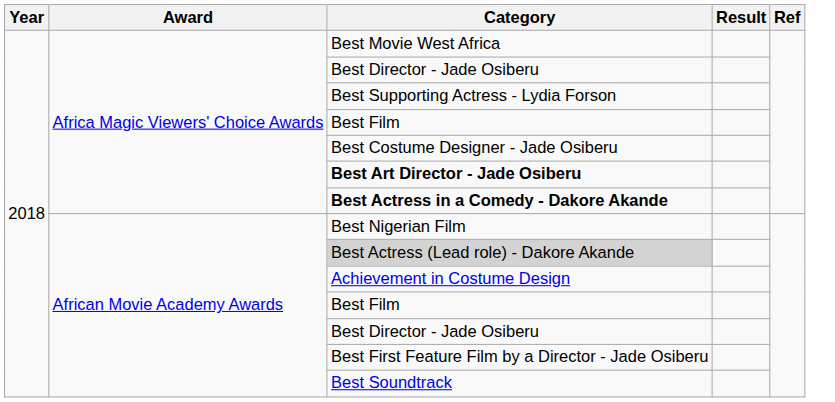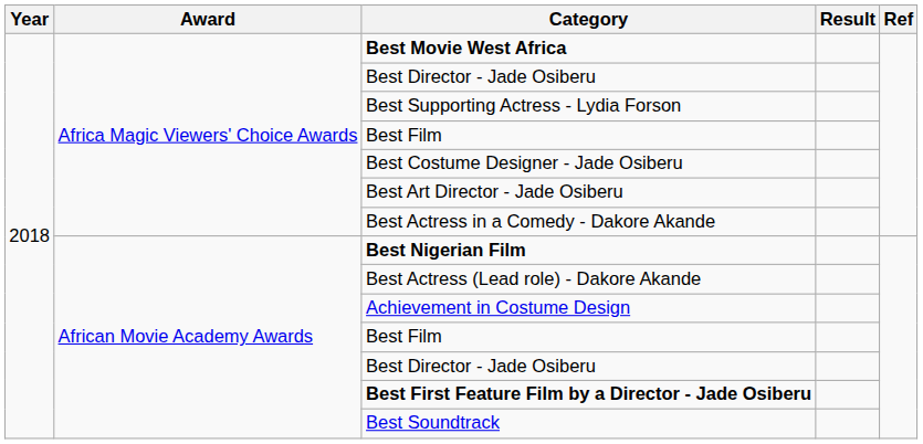 <table class="wikitable">
 <tr>
 <th>Year</th>
 <th>Award</th>
 <th>Category</th>
 <th>Result</th>
 <th>Ref</th>
 </tr>
 <tr>
 <td rowspan="14">2018</td>
 <td rowspan="7"><a href='#'>Africa Magic Viewers' Choice Awards</a></td>
-<td>Best Movie West Africa</td>
+<td><strong>Best Movie West Africa</strong></td>
 <td></td>
 <td rowspan="7"></td>
 </tr>
 <tr>
 <td>Best Director - Jade Osiberu</td>
 <td></td>
 </tr>
 <tr>
 <td>Best Supporting Actress - Lydia Forson</td>
 <td></td>
 </tr>
 <tr>
 <td>Best Film</td>
 <td></td>
 </tr>
 <tr>
 <td>Best Costume Designer - Jade Osiberu</td>
 <td></td>
 </tr>
 <tr>
-<td><strong>Best Art Director - Jade Osiberu</strong></td>
+<td>Best Art Director - Jade Osiberu</td>
 <td></td>
 </tr>
 <tr>
-<td><strong>Best Actress in a Comedy - Dakore Akande</strong></td>
+<td>Best Actress in a Comedy - Dakore Akande</td>
 <td></td>
 </tr>
 <tr>
 <td rowspan="7"><a href='#'>African Movie Academy Awards</a></td>
-<td>Best Nigerian Film</td>
+<td><strong>Best Nigerian Film</strong></td>
 <td></td>
 <td rowspan="7"></td>
 </tr>
 <tr>
-<td style="background: lightgrey;">Best Actress (Lead role) - Dakore Akande</td>
+<td>Best Actress (Lead role) - Dakore Akande</td>
 <td></td>
 </tr>
 <tr>
 <td><a href='#'>Achievement in Costume Design</a></td>
 <td></td>
 </tr>
 <tr>
 <td>Best Film</td>
 <td></td>
 </tr>
 <tr>
 <td>Best Director - Jade Osiberu</td>
 <td></td>
 </tr>
 <tr>
-<td>Best First Feature Film by a Director - Jade Osiberu</td>
+<td><strong>Best First Feature Film by a Director - Jade Osiberu</strong></td>
 <td></td>
 </tr>
 <tr>
 <td><a href='#'>Best Soundtrack</a></td>
 <td></td>
 </tr>
 </table>
